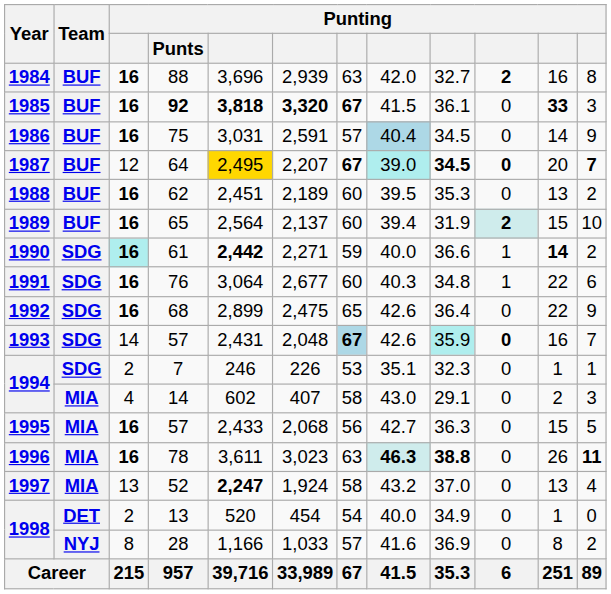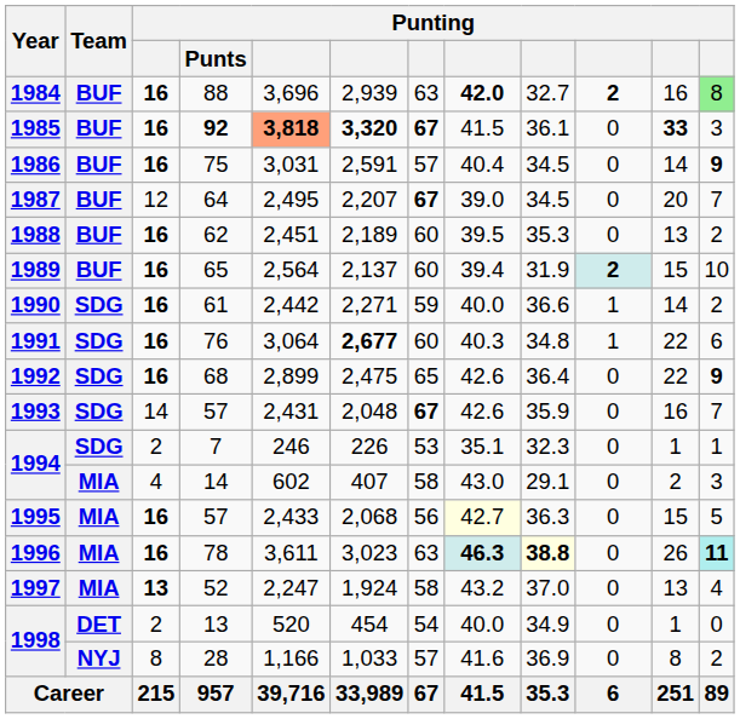 <table class=wikitable style="text-align:center;">
 <tr>
 <th rowspan="2">Year</th>
 <th rowspan="2">Team</th>
 <th colspan="10">Punting</th>
 </tr>
 <tr>
 <th></th>
 <th>Punts</th>
 <th></th>
 <th></th>
 <th></th>
 <th></th>
 <th></th>
 <th></th>
 <th></th>
 <th></th>
 </tr>
 <tr>
 <th><a href='#'>1984</a></th>
 <th><a href='#'>BUF</a></th>
 <td><strong>16</strong></td>
 <td>88</td>
 <td>3,696</td>
 <td>2,939</td>
 <td>63</td>
-<td>42.0</td>
+<td><strong>42.0</strong></td>
 <td>32.7</td>
 <td><strong>2</strong></td>
 <td>16</td>
-<td>8</td>
+<td style="background: lightgreen;">8</td>
 </tr>
 <tr>
 <th><a href='#'>1985</a></th>
 <th><a href='#'>BUF</a></th>
 <td><strong>16</strong></td>
 <td><strong>92</strong></td>
-<td><strong>3,818</strong></td>
+<td style="background: lightsalmon;"><strong>3,818</strong></td>
 <td><strong>3,320</strong></td>
 <td><strong>67</strong></td>
 <td>41.5</td>
 <td>36.1</td>
 <td>0</td>
 <td><strong>33</strong></td>
 <td>3</td>
 </tr>
 <tr>
 <th><a href='#'>1986</a></th>
 <th><a href='#'>BUF</a></th>
 <td><strong>16</strong></td>
 <td>75</td>
 <td>3,031</td>
 <td>2,591</td>
 <td>57</td>
-<td style="background: lightblue;">40.4</td>
+<td>40.4</td>
 <td>34.5</td>
 <td>0</td>
 <td>14</td>
-<td>9</td>
+<td><strong>9</strong></td>
 </tr>
 <tr>
 <th><a href='#'>1987</a></th>
 <th><a href='#'>BUF</a></th>
 <td>12</td>
 <td>64</td>
-<td style="background: gold;">2,495</td>
+<td>2,495</td>
 <td>2,207</td>
 <td><strong>67</strong></td>
-<td style="background: paleturquoise;">39.0</td>
-<td><strong>34.5</strong></td>
-<td><strong>0</strong></td>
+<td>39.0</td>
+<td>34.5</td>
+<td>0</td>
 <td>20</td>
-<td><strong>7</strong></td>
+<td>7</td>
 </tr>
 <tr>
 <th><a href='#'>1988</a></th>
 <th><a href='#'>BUF</a></th>
 <td><strong>16</strong></td>
 <td>62</td>
 <td>2,451</td>
 <td>2,189</td>
 <td>60</td>
 <td>39.5</td>
 <td>35.3</td>
 <td>0</td>
 <td>13</td>
 <td>2</td>
 </tr>
 <tr>
 <th><a href='#'>1989</a></th>
 <th><a href='#'>BUF</a></th>
 <td><strong>16</strong></td>
 <td>65</td>
 <td>2,564</td>
 <td>2,137</td>
 <td>60</td>
 <td>39.4</td>
 <td>31.9</td>
 <td style="background:#cfecec; width:3em;"><strong>2</strong></td>
 <td>15</td>
 <td>10</td>
 </tr>
 <tr>
 <th><a href='#'>1990</a></th>
 <th><a href='#'>SDG</a></th>
-<td style="background: paleturquoise;"><strong>16</strong></td>
+<td><strong>16</strong></td>
 <td>61</td>
-<td><strong>2,442</strong></td>
+<td>2,442</td>
 <td>2,271</td>
 <td>59</td>
 <td>40.0</td>
 <td>36.6</td>
 <td>1</td>
-<td><strong>14</strong></td>
+<td>14</td>
 <td>2</td>
 </tr>
 <tr>
 <th><a href='#'>1991</a></th>
 <th><a href='#'>SDG</a></th>
 <td><strong>16</strong></td>
 <td>76</td>
 <td>3,064</td>
-<td>2,677</td>
+<td><strong>2,677</strong></td>
 <td>60</td>
 <td>40.3</td>
 <td>34.8</td>
 <td>1</td>
 <td>22</td>
 <td>6</td>
 </tr>
 <tr>
 <th><a href='#'>1992</a></th>
 <th><a href='#'>SDG</a></th>
 <td><strong>16</strong></td>
 <td>68</td>
 <td>2,899</td>
 <td>2,475</td>
 <td>65</td>
 <td>42.6</td>
 <td>36.4</td>
 <td>0</td>
 <td>22</td>
-<td>9</td>
+<td><strong>9</strong></td>
 </tr>
 <tr>
 <th><a href='#'>1993</a></th>
 <th><a href='#'>SDG</a></th>
 <td>14</td>
 <td>57</td>
 <td>2,431</td>
 <td>2,048</td>
-<td style="background: lightblue;"><strong>67</strong></td>
+<td><strong>67</strong></td>
 <td>42.6</td>
-<td style="background: paleturquoise;">35.9</td>
-<td><strong>0</strong></td>
+<td>35.9</td>
+<td>0</td>
 <td>16</td>
 <td>7</td>
 </tr>
 <tr>
 <th rowspan="2"><a href='#'>1994</a></th>
 <th><a href='#'>SDG</a></th>
 <td>2</td>
 <td>7</td>
 <td>246</td>
 <td>226</td>
 <td>53</td>
 <td>35.1</td>
 <td>32.3</td>
 <td>0</td>
 <td>1</td>
 <td>1</td>
 </tr>
 <tr>
 <th><a href='#'>MIA</a></th>
 <td>4</td>
 <td>14</td>
 <td>602</td>
 <td>407</td>
 <td>58</td>
 <td>43.0</td>
 <td>29.1</td>
 <td>0</td>
 <td>2</td>
 <td>3</td>
 </tr>
 <tr>
 <th><a href='#'>1995</a></th>
 <th><a href='#'>MIA</a></th>
 <td><strong>16</strong></td>
 <td>57</td>
 <td>2,433</td>
 <td>2,068</td>
 <td>56</td>
-<td>42.7</td>
+<td style="background: lightyellow;">42.7</td>
 <td>36.3</td>
 <td>0</td>
 <td>15</td>
 <td>5</td>
 </tr>
 <tr>
 <th><a href='#'>1996</a></th>
 <th><a href='#'>MIA</a></th>
 <td><strong>16</strong></td>
 <td>78</td>
 <td>3,611</td>
 <td>3,023</td>
 <td>63</td>
 <td style="background:#cfecec; width:3em;"><strong>46.3</strong></td>
-<td><strong>38.8</strong></td>
+<td style="background: lightyellow;"><strong>38.8</strong></td>
 <td>0</td>
 <td>26</td>
-<td><strong>11</strong></td>
+<td style="background: paleturquoise;"><strong>11</strong></td>
 </tr>
 <tr>
 <th><a href='#'>1997</a></th>
 <th><a href='#'>MIA</a></th>
-<td>13</td>
+<td><strong>13</strong></td>
 <td>52</td>
-<td><strong>2,247</strong></td>
+<td>2,247</td>
 <td>1,924</td>
 <td>58</td>
 <td>43.2</td>
 <td>37.0</td>
 <td>0</td>
 <td>13</td>
 <td>4</td>
 </tr>
 <tr>
 <th rowspan="2"><a href='#'>1998</a></th>
 <th><a href='#'>DET</a></th>
 <td>2</td>
 <td>13</td>
 <td>520</td>
 <td>454</td>
 <td>54</td>
 <td>40.0</td>
 <td>34.9</td>
 <td>0</td>
 <td>1</td>
 <td>0</td>
 </tr>
 <tr>
 <th><a href='#'>NYJ</a></th>
 <td>8</td>
 <td>28</td>
 <td>1,166</td>
 <td>1,033</td>
 <td>57</td>
 <td>41.6</td>
 <td>36.9</td>
 <td>0</td>
 <td>8</td>
 <td>2</td>
 </tr>
 <tr>
 <th colspan="2">Career</th>
 <th>215</th>
 <th>957</th>
 <th>39,716</th>
 <th>33,989</th>
 <th>67</th>
 <th>41.5</th>
 <th>35.3</th>
 <th>6</th>
 <th>251</th>
 <th>89</th>
 </tr>
 </table>
